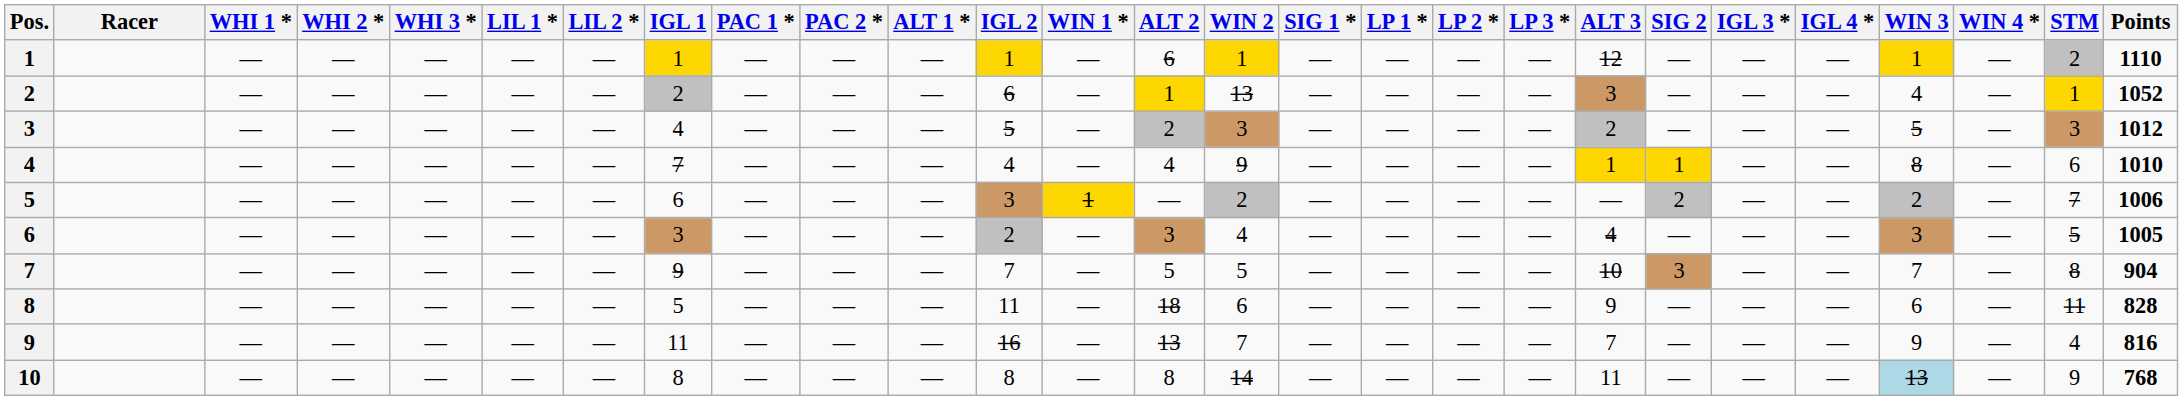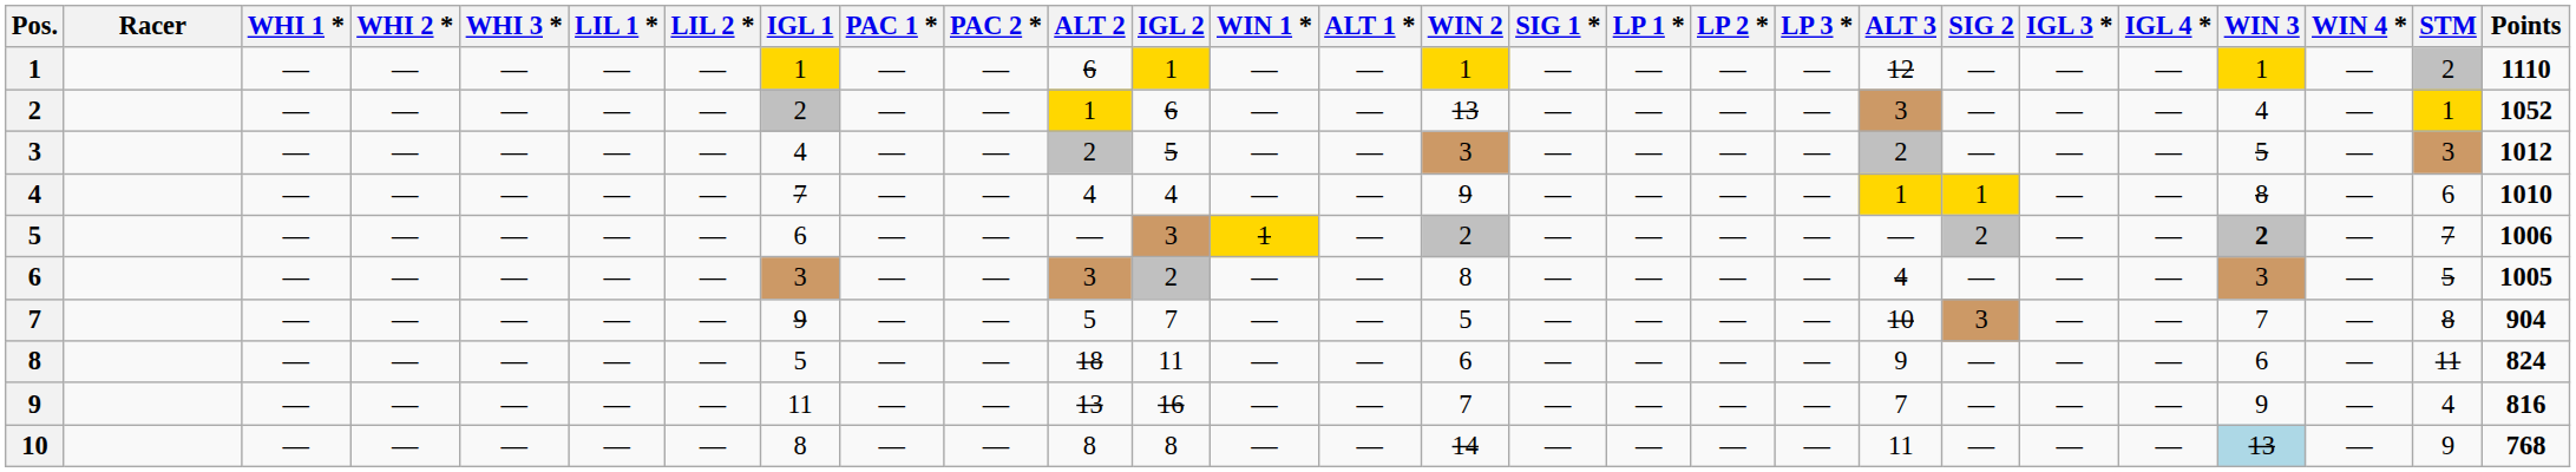 <table class="wikitable sortable plainrowheaders" style="text-align:center;">
 <tr>
 <th scope="col">Pos.</th>
 <th scope="col" style="width:100px;">Racer</th>
 <th><strong> <a href='#'>WHI 1</a> *</strong></th>
 <th><strong> <a href='#'>WHI 2</a> *</strong></th>
 <th><strong> <a href='#'>WHI 3</a> *</strong></th>
 <th><strong> <a href='#'>LIL 1</a> *</strong></th>
 <th><strong> <a href='#'>LIL 2</a> *</strong></th>
 <th><strong> <a href='#'>IGL 1</a></strong></th>
 <th><strong> <a href='#'>PAC 1</a> *</strong></th>
 <th><strong> <a href='#'>PAC 2</a> *</strong></th>
-<th><strong> <a href='#'>ALT 1</a> *</strong></th>
+<th><strong> <a href='#'>ALT 2</a></strong></th>
 <th><strong> <a href='#'>IGL 2</a></strong></th>
 <th><strong> <a href='#'>WIN 1</a> *</strong></th>
-<th><strong> <a href='#'>ALT 2</a></strong></th>
+<th><strong> <a href='#'>ALT 1</a> *</strong></th>
 <th><strong> <a href='#'>WIN 2</a></strong></th>
 <th><strong> <a href='#'>SIG 1</a> *</strong></th>
 <th><strong><a href='#'>LP 1</a> *</strong></th>
 <th><strong><a href='#'>LP 2</a> *</strong></th>
 <th><strong><a href='#'>LP 3</a> *</strong></th>
 <th><strong> <a href='#'>ALT 3</a></strong></th>
 <th><strong> <a href='#'>SIG 2</a></strong></th>
 <th><strong> <a href='#'>IGL 3</a> *</strong></th>
 <th><strong> <a href='#'>IGL 4</a> *</strong></th>
 <th><strong> <a href='#'>WIN 3</a></strong></th>
 <th><strong> <a href='#'>WIN 4</a> *</strong></th>
 <th><strong> <a href='#'>STM</a></strong></th>
 <th style="width:45px;">Points</th>
 </tr>
 <tr>
 <th style="text-align:center;">1</th>
 <td align="left"></td>
 <td>—</td>
 <td>—</td>
 <td>—</td>
 <td>—</td>
 <td>—</td>
 <td style="background:gold;">1</td>
 <td>—</td>
 <td>—</td>
-<td>—</td>
+<td><s>6</s></td>
 <td style="background:gold;">1</td>
 <td>—</td>
-<td><s>6</s></td>
+<td>—</td>
 <td style="background:gold;">1</td>
 <td>—</td>
 <td>—</td>
 <td>—</td>
 <td>—</td>
 <td><s>12</s></td>
 <td>—</td>
 <td>—</td>
 <td>—</td>
 <td style="background:gold;">1</td>
 <td>—</td>
 <td style="background:silver;">2</td>
 <td><strong>1110</strong></td>
 </tr>
 <tr>
 <th style="text-align:center;">2</th>
 <td align="left"></td>
 <td>—</td>
 <td>—</td>
 <td>—</td>
 <td>—</td>
 <td>—</td>
 <td style="background:silver;">2</td>
 <td>—</td>
 <td>—</td>
-<td>—</td>
+<td style="background:gold;">1</td>
 <td><s>6</s></td>
 <td>—</td>
-<td style="background:gold;">1</td>
+<td>—</td>
 <td><s>13</s></td>
 <td>—</td>
 <td>—</td>
 <td>—</td>
 <td>—</td>
 <td style="background:#c96;">3</td>
 <td>—</td>
 <td>—</td>
 <td>—</td>
 <td>4</td>
 <td>—</td>
 <td style="background:gold;">1</td>
 <td><strong>1052</strong></td>
 </tr>
 <tr>
 <th style="text-align:center;">3</th>
 <td align="left"></td>
 <td>—</td>
 <td>—</td>
 <td>—</td>
 <td>—</td>
 <td>—</td>
 <td>4</td>
 <td>—</td>
 <td>—</td>
-<td>—</td>
+<td style="background:silver;">2</td>
 <td><s>5</s></td>
 <td>—</td>
-<td style="background:silver;">2</td>
+<td>—</td>
 <td style="background:#c96;">3</td>
 <td>—</td>
 <td>—</td>
 <td>—</td>
 <td>—</td>
 <td style="background:silver;">2</td>
 <td>—</td>
 <td>—</td>
 <td>—</td>
 <td><s>5</s></td>
 <td>—</td>
 <td style="background:#c96;">3</td>
 <td><strong>1012</strong></td>
 </tr>
 <tr>
 <th style="text-align:center;">4</th>
 <td align="left"></td>
 <td>—</td>
 <td>—</td>
 <td>—</td>
 <td>—</td>
 <td>—</td>
 <td><s>7</s></td>
 <td>—</td>
 <td>—</td>
-<td>—</td>
+<td>4</td>
 <td>4</td>
 <td>—</td>
-<td>4</td>
+<td>—</td>
 <td><s>9</s></td>
 <td>—</td>
 <td>—</td>
 <td>—</td>
 <td>—</td>
 <td style="background:gold;">1</td>
 <td style="background:gold;">1</td>
 <td>—</td>
 <td>—</td>
 <td><s>8</s></td>
 <td>—</td>
 <td>6</td>
 <td><strong>1010</strong></td>
 </tr>
 <tr>
 <th style="text-align:center;">5</th>
 <td align="left"></td>
 <td>—</td>
 <td>—</td>
 <td>—</td>
 <td>—</td>
 <td>—</td>
 <td>6</td>
 <td>—</td>
 <td>—</td>
 <td>—</td>
 <td style="background:#c96;">3</td>
 <td style="background:gold;"><s>1</s></td>
 <td>—</td>
 <td style="background:silver;">2</td>
 <td>—</td>
 <td>—</td>
 <td>—</td>
 <td>—</td>
 <td>—</td>
 <td style="background:silver;">2</td>
 <td>—</td>
 <td>—</td>
-<td style="background:silver;">2</td>
+<td style="background:silver;"><strong>2</strong></td>
 <td>—</td>
 <td><s>7</s></td>
 <td><strong>1006</strong></td>
 </tr>
 <tr>
 <th style="text-align:center;">6</th>
 <td align="left"></td>
 <td>—</td>
 <td>—</td>
 <td>—</td>
 <td>—</td>
 <td>—</td>
 <td style="background:#c96;">3</td>
 <td>—</td>
 <td>—</td>
-<td>—</td>
+<td style="background:#c96;">3</td>
 <td style="background:silver;">2</td>
 <td>—</td>
-<td style="background:#c96;">3</td>
-<td>4</td>
+<td>—</td>
+<td>8</td>
 <td>—</td>
 <td>—</td>
 <td>—</td>
 <td>—</td>
 <td><s>4</s></td>
 <td>—</td>
 <td>—</td>
 <td>—</td>
 <td style="background:#c96;">3</td>
 <td>—</td>
 <td><s>5</s></td>
 <td><strong>1005</strong></td>
 </tr>
 <tr>
 <th style="text-align:center;">7</th>
 <td align="left"></td>
 <td>—</td>
 <td>—</td>
 <td>—</td>
 <td>—</td>
 <td>—</td>
 <td><s>9</s></td>
 <td>—</td>
 <td>—</td>
-<td>—</td>
+<td>5</td>
 <td>7</td>
 <td>—</td>
-<td>5</td>
+<td>—</td>
 <td>5</td>
 <td>—</td>
 <td>—</td>
 <td>—</td>
 <td>—</td>
 <td><s>10</s></td>
 <td style="background:#c96;">3</td>
 <td>—</td>
 <td>—</td>
 <td>7</td>
 <td>—</td>
 <td><s>8</s></td>
 <td><strong>904</strong></td>
 </tr>
 <tr>
 <th style="text-align:center;">8</th>
 <td align="left"></td>
 <td>—</td>
 <td>—</td>
 <td>—</td>
 <td>—</td>
 <td>—</td>
 <td>5</td>
 <td>—</td>
 <td>—</td>
-<td>—</td>
+<td><s>18</s></td>
 <td>11</td>
 <td>—</td>
-<td><s>18</s></td>
+<td>—</td>
 <td>6</td>
 <td>—</td>
 <td>—</td>
 <td>—</td>
 <td>—</td>
 <td>9</td>
 <td>—</td>
 <td>—</td>
 <td>—</td>
 <td>6</td>
 <td>—</td>
 <td><s>11</s></td>
-<td><strong>828</strong></td>
+<td><strong>824</strong></td>
 </tr>
 <tr>
 <th style="text-align:center;">9</th>
 <td align="left"></td>
 <td>—</td>
 <td>—</td>
 <td>—</td>
 <td>—</td>
 <td>—</td>
 <td>11</td>
 <td>—</td>
 <td>—</td>
-<td>—</td>
+<td><s>13</s></td>
 <td><s>16</s></td>
 <td>—</td>
-<td><s>13</s></td>
+<td>—</td>
 <td>7</td>
 <td>—</td>
 <td>—</td>
 <td>—</td>
 <td>—</td>
 <td>7</td>
 <td>—</td>
 <td>—</td>
 <td>—</td>
 <td>9</td>
 <td>—</td>
 <td>4</td>
 <td><strong>816</strong></td>
 </tr>
 <tr>
 <th style="text-align:center;">10</th>
 <td align="left"></td>
 <td>—</td>
 <td>—</td>
 <td>—</td>
 <td>—</td>
 <td>—</td>
 <td>8</td>
 <td>—</td>
 <td>—</td>
-<td>—</td>
+<td>8</td>
 <td>8</td>
 <td>—</td>
-<td>8</td>
+<td>—</td>
 <td><s>14</s></td>
 <td>—</td>
 <td>—</td>
 <td>—</td>
 <td>—</td>
 <td>11</td>
 <td>—</td>
 <td>—</td>
 <td>—</td>
 <td style="background: lightblue;"><s>13</s></td>
 <td>—</td>
 <td>9</td>
 <td><strong>768</strong></td>
 </tr>
 </table>
